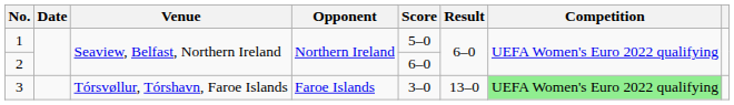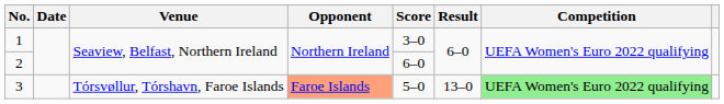 <table class="wikitable sortable">
 <tr>
 <th scope="col">No.</th>
 <th scope="col">Date</th>
 <th scope="col">Venue</th>
 <th scope="col">Opponent</th>
 <th scope="col">Score</th>
 <th scope="col">Result</th>
 <th scope="col">Competition</th>
 <th scope="col" class="unsortable"></th>
 </tr>
 <tr>
 <td align="center">1</td>
 <td rowspan="2"></td>
 <td rowspan="2"><a href='#'>Seaview</a>, <a href='#'>Belfast</a>, Northern Ireland</td>
 <td rowspan="2"> <a href='#'>Northern Ireland</a></td>
-<td align="center">5–0</td>
+<td align="center">3–0</td>
 <td rowspan="2" style="text-align:center">6–0</td>
 <td rowspan="2"><a href='#'>UEFA Women's Euro 2022 qualifying</a></td>
 <td rowspan="2"></td>
 </tr>
 <tr>
 <td align="center">2</td>
 <td align="center">6–0</td>
 </tr>
 <tr>
 <td align="center">3</td>
 <td></td>
 <td><a href='#'>Tórsvøllur</a>, <a href='#'>Tórshavn</a>, Faroe Islands</td>
-<td> <a href='#'>Faroe Islands</a></td>
-<td align="center">3–0</td>
+<td style="background: lightsalmon;"> <a href='#'>Faroe Islands</a></td>
+<td align="center">5–0</td>
 <td align="center">13–0</td>
 <td style="background: lightgreen;">UEFA Women's Euro 2022 qualifying</td>
 <td></td>
 </tr>
 </table>
